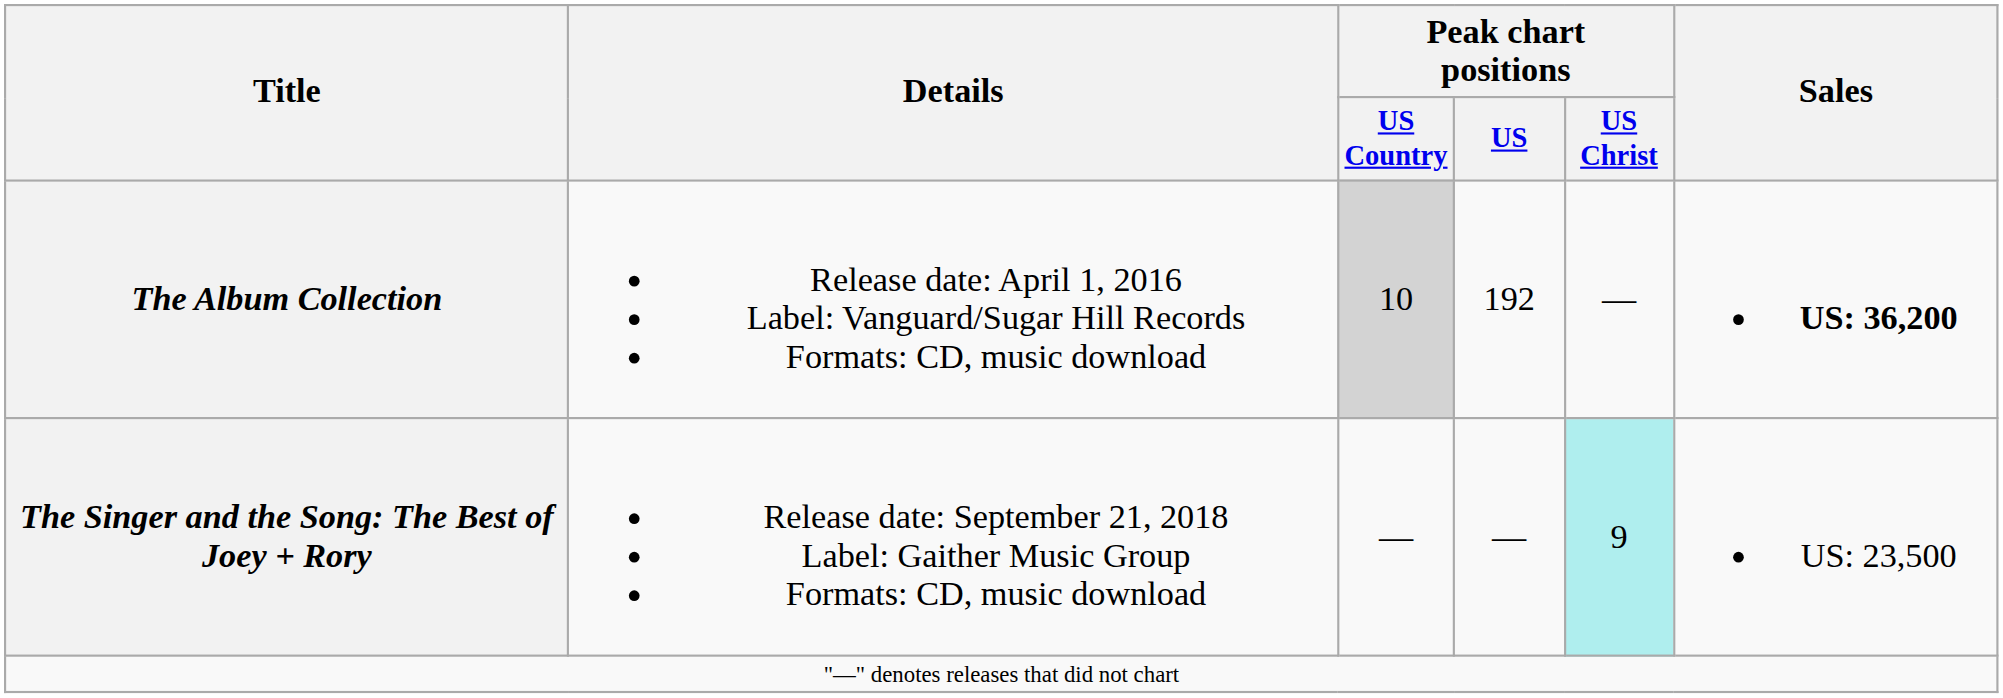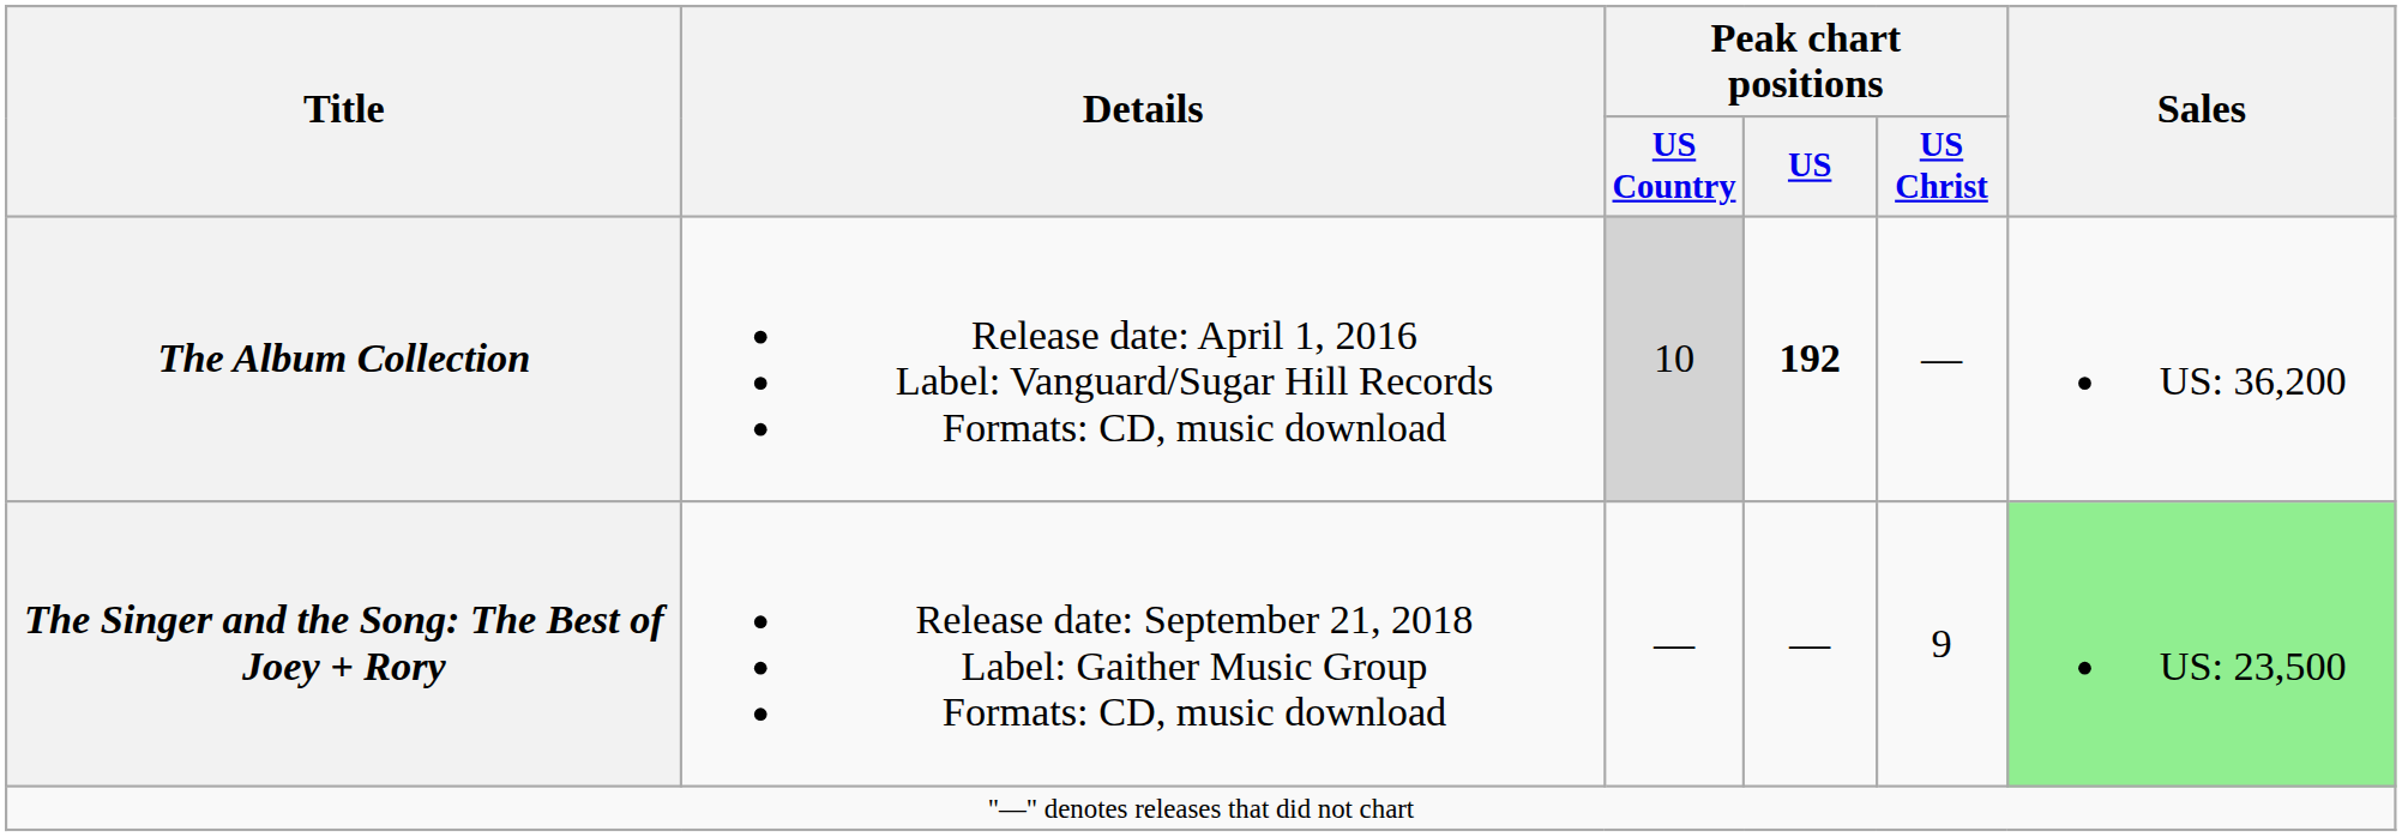 <table class="wikitable plainrowheaders" style="text-align:center;">
 <tr>
 <th rowspan="2" style="width:16em;">Title</th>
 <th rowspan="2" style="width:22em;">Details</th>
 <th colspan="3">Peak chart<br>positions</th>
 <th rowspan="2" style="width:9em;">Sales</th>
 </tr>
 <tr style="font-size:smaller;">
 <th style="width:45px;"><a href='#'>US Country</a><br></th>
 <th style="width:45px;"><a href='#'>US</a><br></th>
 <th style="width:45px;"><a href='#'>US<br>Christ</a><br></th>
 </tr>
 <tr>
 <th scope="row"><em>The Album Collection</em></th>
 <td><br><ul><li>Release date: April 1, 2016</li><li>Label: Vanguard/Sugar Hill Records</li><li>Formats: CD, music download</li></ul></td>
 <td style="background: lightgrey;">10</td>
-<td>192</td>
+<td><strong>192</strong></td>
 <td>—</td>
-<td><strong><br><ul><li>US: 36,200</li></ul></strong></td>
+<td><br><ul><li>US: 36,200</li></ul></td>
 </tr>
 <tr>
 <th scope="row"><em>The Singer and the Song: The Best of Joey + Rory</em></th>
 <td><br><ul><li>Release date: September 21, 2018</li><li>Label: Gaither Music Group</li><li>Formats: CD, music download</li></ul></td>
 <td>—</td>
 <td>—</td>
-<td style="background: paleturquoise;">9</td>
-<td><br><ul><li>US: 23,500</li></ul></td>
+<td>9</td>
+<td style="background: lightgreen;"><br><ul><li>US: 23,500</li></ul></td>
 </tr>
 <tr>
 <td colspan="7" style="font-size:8pt">"—" denotes releases that did not chart</td>
 </tr>
 </table>
